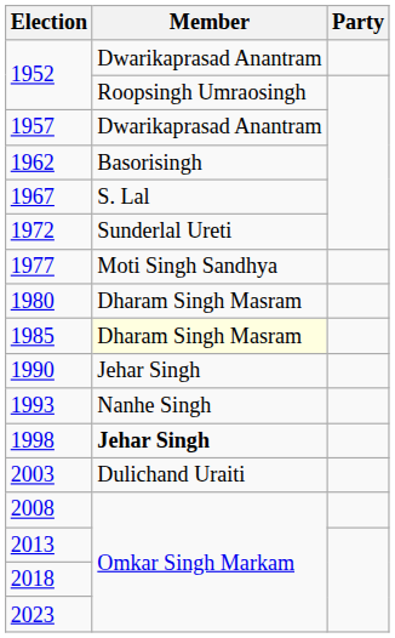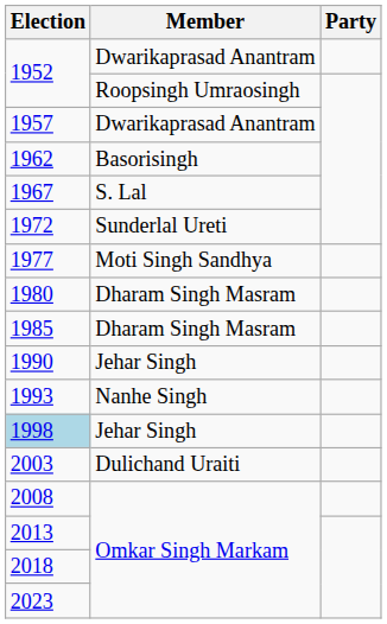 <table class="wikitable sortable">
 <tr>
 <th>Election</th>
 <th>Member</th>
 <th colspan=2>Party</th>
 </tr>
 <tr>
 <td rowspan=2><a href='#'>1952</a></td>
 <td>Dwarikaprasad Anantram</td>
 <td></td>
 </tr>
 <tr>
 <td>Roopsingh Umraosingh</td>
 </tr>
 <tr>
 <td><a href='#'>1957</a></td>
 <td>Dwarikaprasad Anantram</td>
 </tr>
 <tr>
 <td><a href='#'>1962</a></td>
 <td>Basorisingh</td>
 </tr>
 <tr>
 <td><a href='#'>1967</a></td>
 <td>S. Lal</td>
 </tr>
 <tr>
 <td><a href='#'>1972</a></td>
 <td>Sunderlal Ureti</td>
 </tr>
 <tr>
 <td><a href='#'>1977</a></td>
 <td>Moti Singh Sandhya</td>
 <td></td>
 </tr>
 <tr>
 <td><a href='#'>1980</a></td>
 <td>Dharam Singh Masram</td>
 <td></td>
 </tr>
 <tr>
 <td><a href='#'>1985</a></td>
-<td style="background: lightyellow;">Dharam Singh Masram</td>
+<td>Dharam Singh Masram</td>
 <td></td>
 </tr>
 <tr>
 <td><a href='#'>1990</a></td>
 <td>Jehar Singh</td>
 <td></td>
 </tr>
 <tr>
 <td><a href='#'>1993</a></td>
 <td>Nanhe Singh</td>
 <td></td>
 </tr>
 <tr>
-<td><a href='#'>1998</a></td>
-<td><strong>Jehar Singh</strong></td>
+<td style="background: lightblue;"><a href='#'>1998</a></td>
+<td>Jehar Singh</td>
 <td></td>
 </tr>
 <tr>
 <td><a href='#'>2003</a></td>
 <td>Dulichand Uraiti</td>
 </tr>
 <tr>
 <td><a href='#'>2008</a></td>
 <td rowspan="4"><a href='#'>Omkar Singh Markam</a></td>
 <td></td>
 </tr>
 <tr>
 <td><a href='#'>2013</a></td>
 </tr>
 <tr>
 <td><a href='#'>2018</a></td>
 </tr>
 <tr>
 <td><a href='#'>2023</a></td>
 </tr>
 </table>
